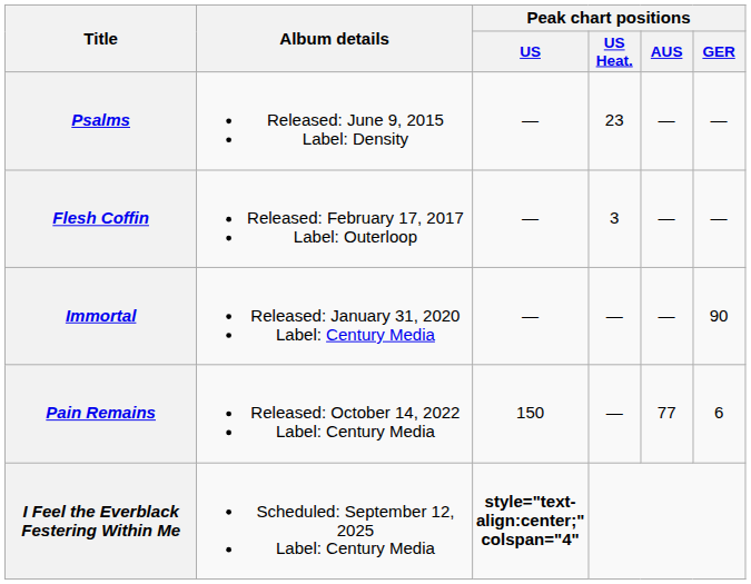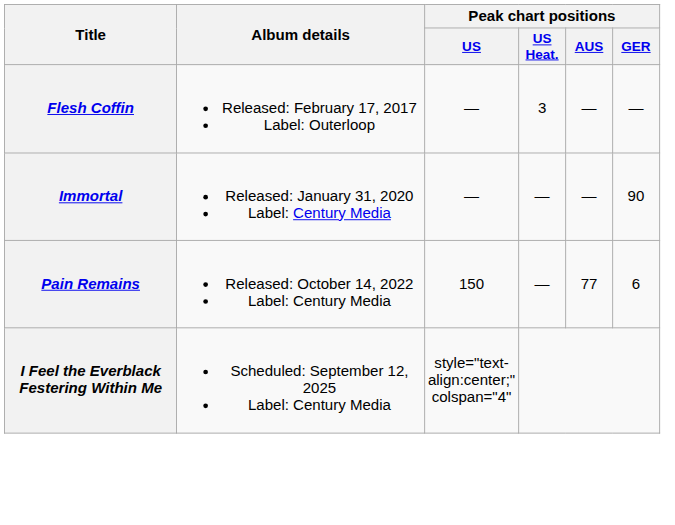 <table class="wikitable plainrowheaders"  style="text-align:center;">
 <tr>
 <th scope="col" rowspan="2" style="width:11em;">Title</th>
 <th scope="col" rowspan="2" style="width:16em;">Album details</th>
 <th scope="col" colspan="4">Peak chart positions</th>
 </tr>
 <tr>
 <th scope="col" style="width:3em;font-size:90%;"><a href='#'>US</a><br></th>
 <th scope="col" style="width:3em;font-size:90%;"><a href='#'>US<br>Heat.</a><br></th>
 <th scope="col" style="width:3em;font-size:90%;"><a href='#'>AUS</a><br></th>
 <th scope="col" style="width:3em;font-size:90%;"><a href='#'>GER</a><br></th>
-</tr>
-<tr>
-<th scope="row"><em><a href='#'>Psalms</a></em></th>
-<td><br><ul><li>Released: June 9, 2015</li><li>Label: Density</li></ul></td>
-<td>—</td>
-<td>23</td>
-<td>—</td>
-<td>—</td>
 </tr>
 <tr>
 <th scope="row"><em><a href='#'>Flesh Coffin</a></em></th>
 <td><br><ul><li>Released: February 17, 2017</li><li>Label: Outerloop</li></ul></td>
 <td>—</td>
 <td>3</td>
 <td>—</td>
 <td>—</td>
 </tr>
 <tr>
 <th scope="row"><em><a href='#'>Immortal</a></em></th>
 <td><br><ul><li>Released: January 31, 2020</li><li>Label: <a href='#'>Century Media</a></li></ul></td>
 <td>—</td>
 <td>—</td>
 <td>—</td>
 <td>90</td>
 </tr>
 <tr>
 <th scope="row"><em><a href='#'>Pain Remains</a></em></th>
 <td><br><ul><li>Released: October 14, 2022</li><li>Label: Century Media</li></ul></td>
 <td>150</td>
 <td>—</td>
 <td>77</td>
 <td>6</td>
 </tr>
 <tr>
 <th scope="row"><em>I Feel the Everblack Festering Within Me</em></th>
 <td><br><ul><li>Scheduled: September 12, 2025</li><li>Label: Century Media</li></ul></td>
-<td><strong>style="text-align:center;" colspan="4" </strong></td>
+<td>style="text-align:center;" colspan="4" </td>
 </tr>
 </table>
